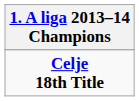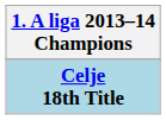 <table class="wikitable" style="text-align: center; margin: 0 auto;">
 <tr>
 <th><a href='#'>1. A liga</a> 2013–14<br>Champions</th>
 </tr>
 <tr>
 </tr>
 <tr>
-<td><strong><a href='#'>Celje</a></strong><br><strong>18th Title</strong></td>
+<td style="background: lightblue;"><strong><a href='#'>Celje</a></strong><br><strong>18th Title</strong></td>
 </tr>
 </table>
